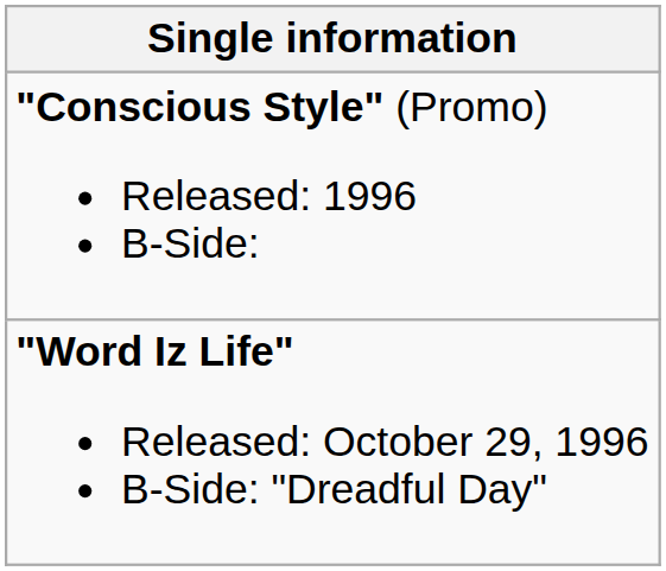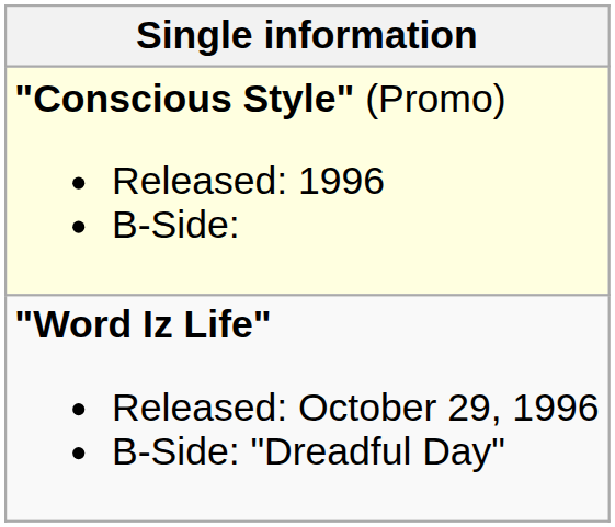 <table class="wikitable">
 <tr>
 <th>Single information</th>
 </tr>
 <tr>
-<td><strong>"Conscious Style"</strong> (Promo)<br><ul><li>Released: 1996</li><li>B-Side:</li></ul></td>
+<td style="background: lightyellow;"><strong>"Conscious Style"</strong> (Promo)<br><ul><li>Released: 1996</li><li>B-Side:</li></ul></td>
 </tr>
 <tr>
 <td><strong>"Word Iz Life"</strong><br><ul><li>Released: October 29, 1996</li><li>B-Side: "Dreadful Day"</li></ul></td>
 </tr>
 </table>
